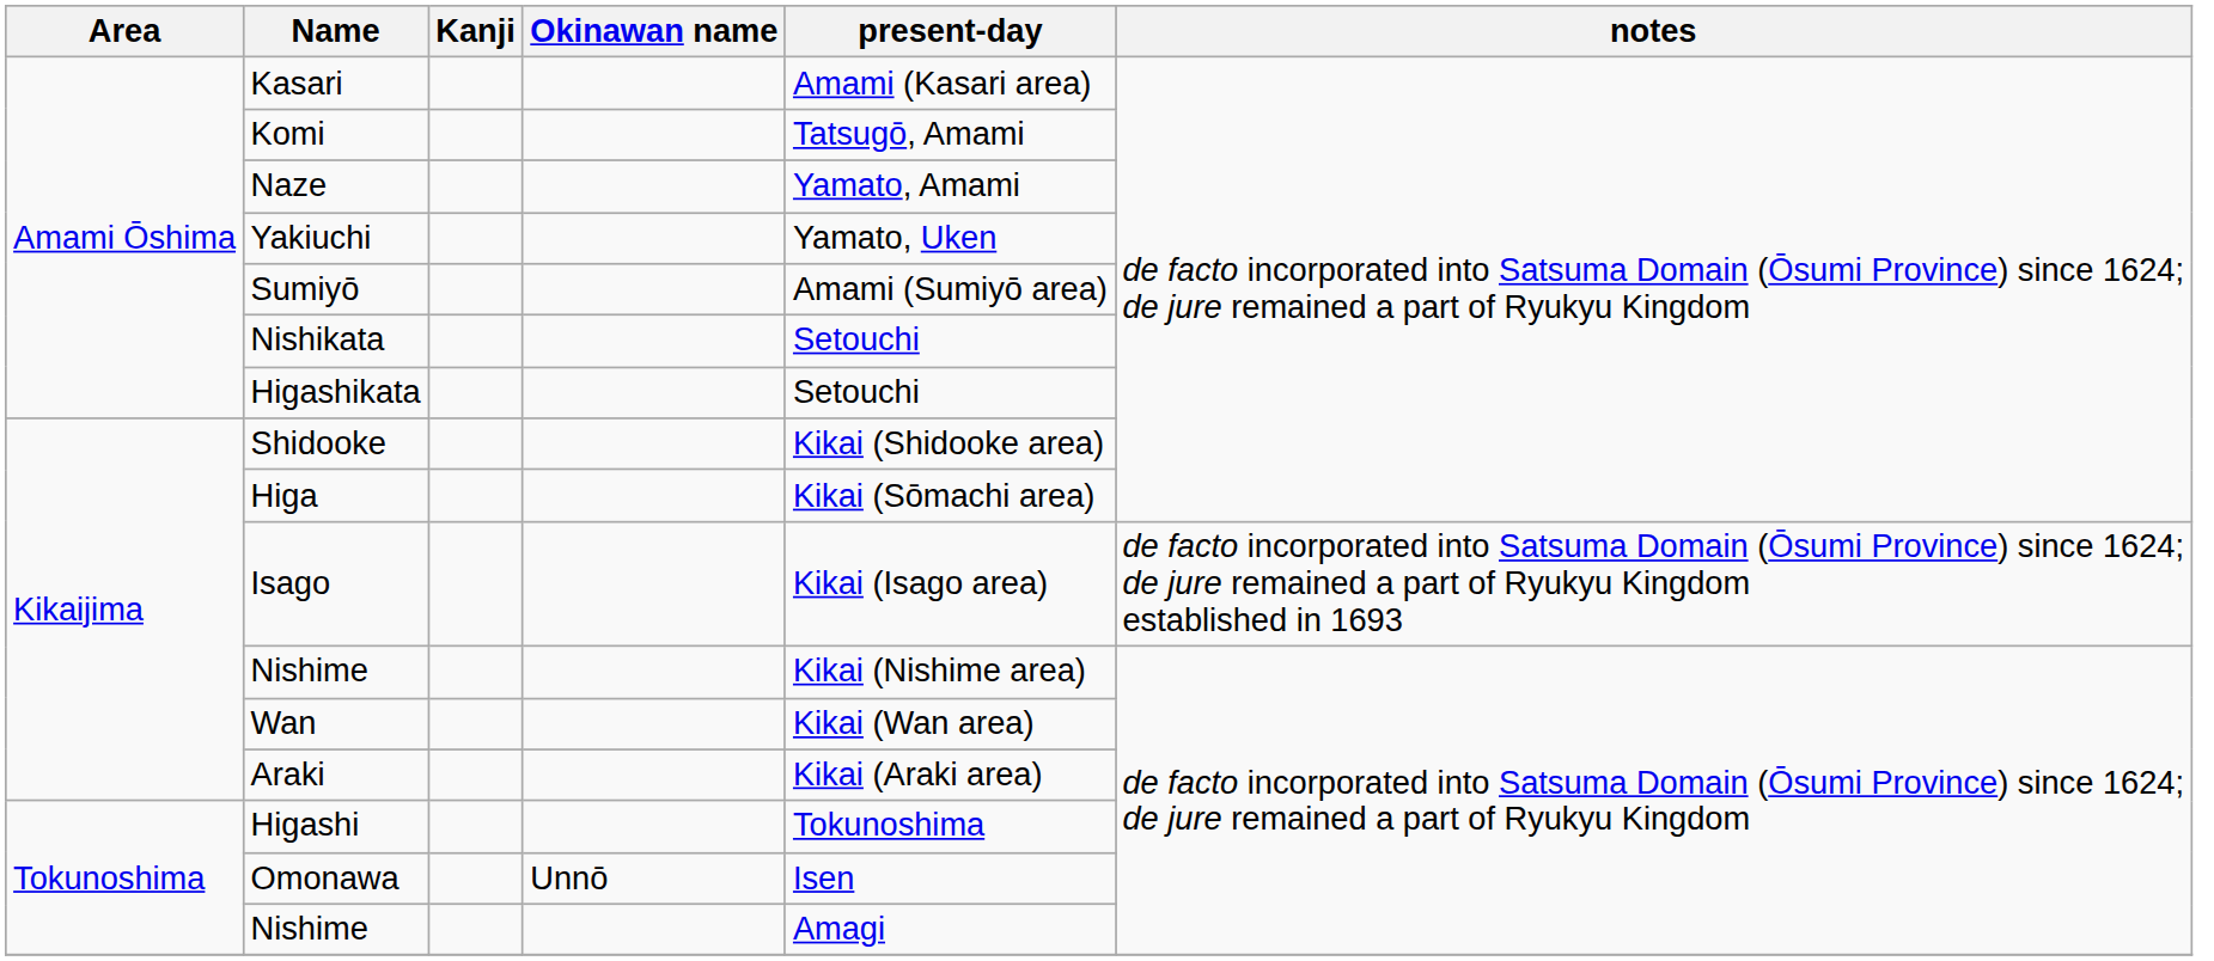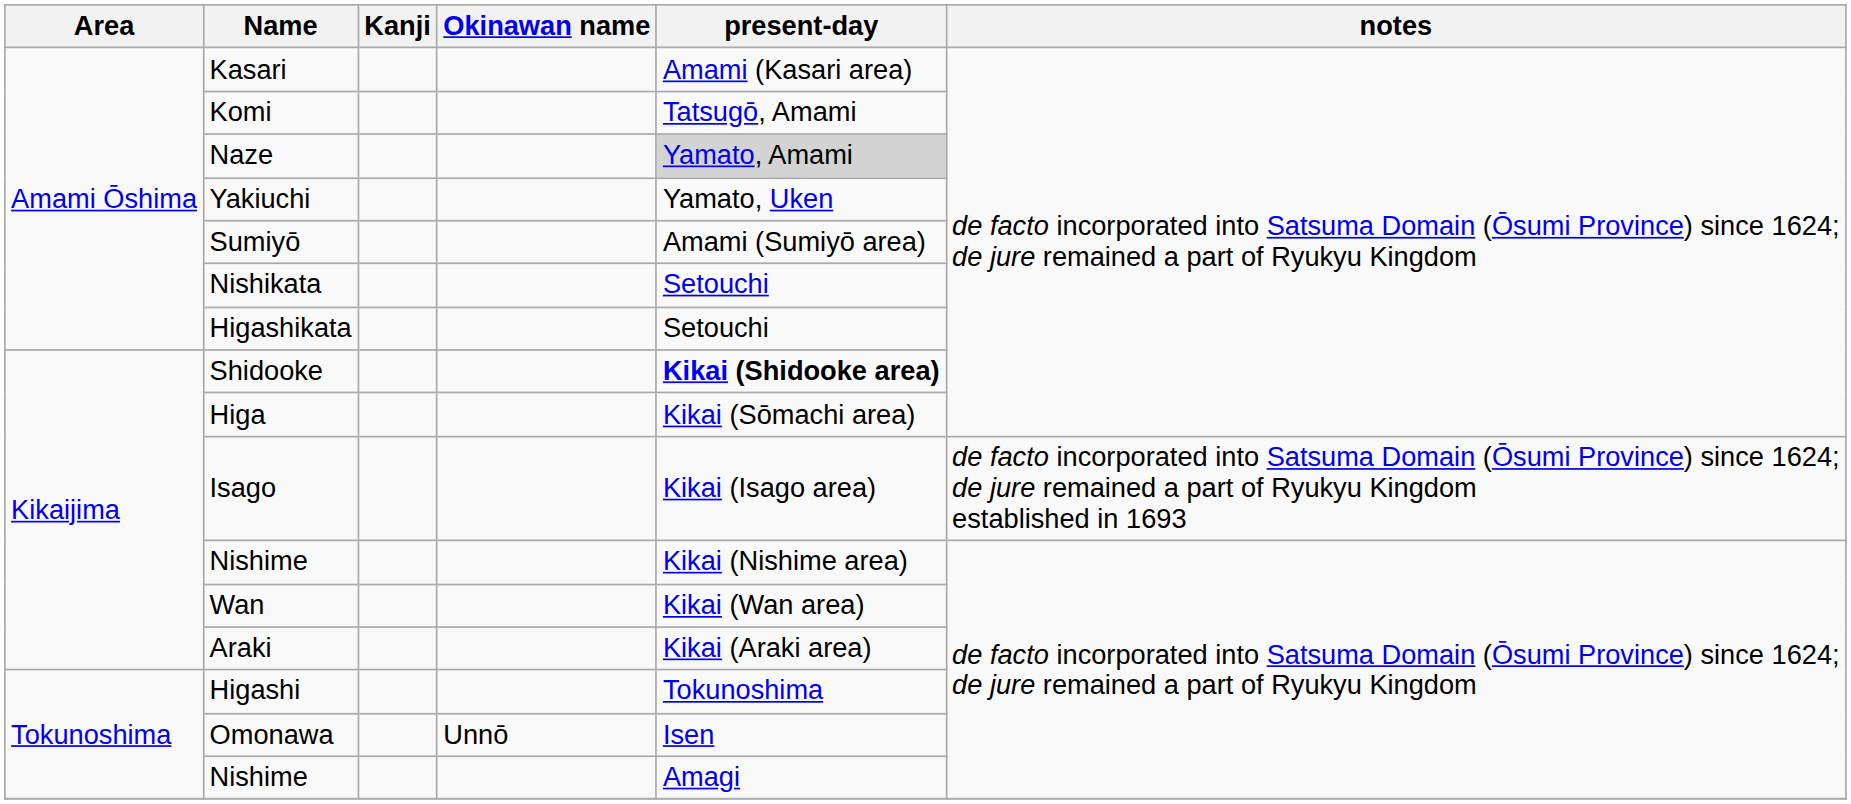 <table class="wikitable">
 <tr>
 <th>Area</th>
 <th>Name</th>
 <th>Kanji</th>
 <th><a href='#'>Okinawan</a> name</th>
 <th>present-day</th>
 <th>notes</th>
 </tr>
 <tr>
 <td rowspan="7"><a href='#'>Amami Ōshima</a></td>
 <td>Kasari</td>
 <td></td>
 <td></td>
 <td><a href='#'>Amami</a> (Kasari area)</td>
 <td rowspan="9"><em>de facto</em> incorporated into <a href='#'>Satsuma Domain</a> (<a href='#'>Ōsumi Province</a>) since 1624;<br><em>de jure</em> remained a part of Ryukyu Kingdom</td>
 </tr>
 <tr>
 <td>Komi</td>
 <td></td>
 <td></td>
 <td><a href='#'>Tatsugō</a>, Amami</td>
 </tr>
 <tr>
 <td>Naze</td>
 <td></td>
 <td></td>
-<td><a href='#'>Yamato</a>, Amami</td>
+<td style="background: lightgrey;"><a href='#'>Yamato</a>, Amami</td>
 </tr>
 <tr>
 <td>Yakiuchi</td>
 <td></td>
 <td></td>
 <td>Yamato, <a href='#'>Uken</a></td>
 </tr>
 <tr>
 <td>Sumiyō</td>
 <td></td>
 <td></td>
 <td>Amami (Sumiyō area)</td>
 </tr>
 <tr>
 <td>Nishikata</td>
 <td></td>
 <td></td>
 <td><a href='#'>Setouchi</a></td>
 </tr>
 <tr>
 <td>Higashikata</td>
 <td></td>
 <td></td>
 <td>Setouchi</td>
 </tr>
 <tr>
 <td rowspan="6"><a href='#'>Kikaijima</a></td>
 <td>Shidooke</td>
 <td></td>
 <td></td>
-<td><a href='#'>Kikai</a> (Shidooke area)</td>
+<td><strong><a href='#'>Kikai</a> (Shidooke area)</strong></td>
 </tr>
 <tr>
 <td>Higa</td>
 <td></td>
 <td></td>
 <td><a href='#'>Kikai</a> (Sōmachi area)</td>
 </tr>
 <tr>
 <td>Isago</td>
 <td></td>
 <td></td>
 <td><a href='#'>Kikai</a> (Isago area)</td>
 <td><em>de facto</em> incorporated into <a href='#'>Satsuma Domain</a> (<a href='#'>Ōsumi Province</a>) since 1624;<br><em>de jure</em> remained a part of Ryukyu Kingdom<br> established in 1693</td>
 </tr>
 <tr>
 <td>Nishime</td>
 <td></td>
 <td></td>
 <td><a href='#'>Kikai</a> (Nishime area)</td>
 <td rowspan="6"><em>de facto</em> incorporated into <a href='#'>Satsuma Domain</a> (<a href='#'>Ōsumi Province</a>) since 1624;<br><em>de jure</em> remained a part of Ryukyu Kingdom</td>
 </tr>
 <tr>
 <td>Wan</td>
 <td></td>
 <td></td>
 <td><a href='#'>Kikai</a> (Wan area)</td>
 </tr>
 <tr>
 <td>Araki</td>
 <td></td>
 <td></td>
 <td><a href='#'>Kikai</a> (Araki area)</td>
 </tr>
 <tr>
 <td rowspan="3"><a href='#'>Tokunoshima</a></td>
 <td>Higashi</td>
 <td></td>
 <td></td>
 <td><a href='#'>Tokunoshima</a></td>
 </tr>
 <tr>
 <td>Omonawa</td>
 <td></td>
 <td>Unnō</td>
 <td><a href='#'>Isen</a></td>
 </tr>
 <tr>
 <td>Nishime</td>
 <td></td>
 <td></td>
 <td><a href='#'>Amagi</a></td>
 </tr>
 <tr>
 </tr>
 </table>
